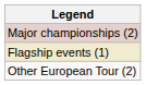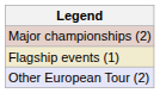 <table class="wikitable" style="font-size:95%;">
 <tr>
 <th>Legend</th>
 </tr>
 <tr style="background:#e5d1cb;">
 <td>Major championships (2)</td>
 </tr>
 <tr style="background:#f2ecce;">
 <td>Flagship events (1)</td>
 </tr>
 <tr>
-<td>Other European Tour (2)</td>
+<td style="background: lavender;">Other European Tour (2)</td>
 </tr>
 </table>
